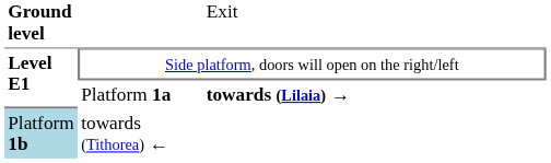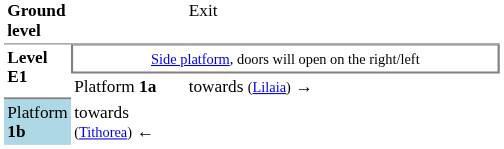 <table table border=0 cellspacing=0 cellpadding=3>
 <tr>
 <td style="border-bottom:solid 1px gray;" width=50 valign=top><strong>Ground level</strong></td>
 <td style="border-bottom:solid 1px gray;" width=100 valign=top></td>
 <td style="border-bottom:solid 1px gray;" width=285 valign=top>Exit</td>
 </tr>
 <tr>
 <td style="border-bottom:solid 2px gray;" rowspan=3 valign=top><strong>Level<br>Ε1</strong></td>
 <td style="border-top:solid 1px gray;border-right:solid 2px gray;border-left:solid 2px gray;border-bottom:solid 2px gray;text-align:center;" colspan=2><small><a href='#'>Side platform</a>, doors will open on the right/left</small></td>
 </tr>
 <tr>
 </tr>
 <tr>
 <td>Platform <span><strong>1a</strong></span></td>
-<td><strong> towards  <small>(<a href='#'>Lilaia</a>)</small> →</strong></td>
+<td> towards  <small>(<a href='#'>Lilaia</a>)</small> →</td>
 </tr>
 <tr>
 <td style="background: lightblue;">Platform <span><strong>1b</strong></span></td>
 <td> towards  <small>(<a href='#'>Tithorea</a>)</small> ←</td>
 </tr>
 </table>
